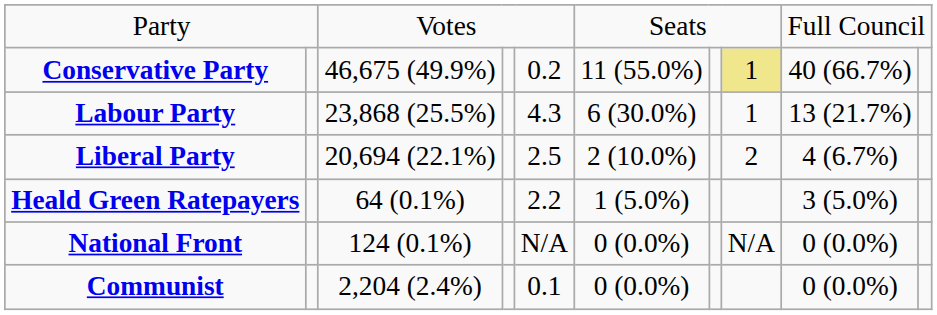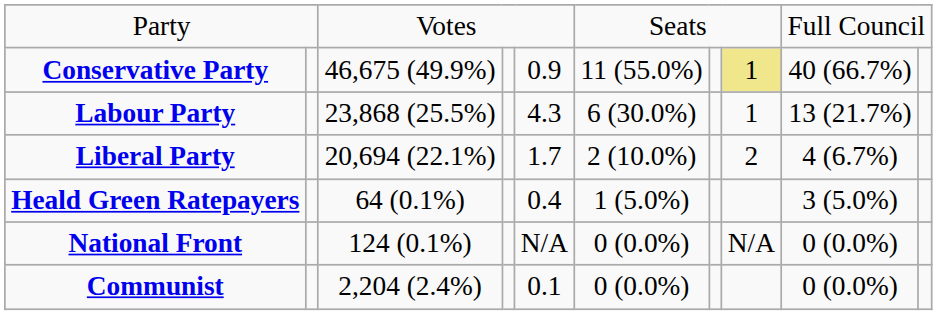 <table class=wikitable style="text-align:center;">
 <tr>
 <td colspan=2>Party</td>
 <td colspan=3>Votes</td>
 <td colspan=3>Seats</td>
 <td colspan=3>Full Council</td>
 </tr>
 <tr>
 <td><strong><a href='#'>Conservative Party</a></strong></td>
 <td style="background:"></td>
 <td>46,675 (49.9%)</td>
 <td></td>
-<td> 0.2</td>
+<td> 0.9</td>
 <td>11 (55.0%)</td>
 <td></td>
 <td style="background: khaki;"> 1</td>
 <td>40 (66.7%)</td>
 <td></td>
 </tr>
 <tr>
 <td><strong><a href='#'>Labour Party</a></strong></td>
 <td style="background:"></td>
 <td>23,868 (25.5%)</td>
 <td></td>
 <td> 4.3</td>
 <td>6 (30.0%)</td>
 <td></td>
 <td> 1</td>
 <td>13 (21.7%)</td>
 <td></td>
 </tr>
 <tr>
 <td><strong><a href='#'>Liberal Party</a></strong></td>
 <td style="background:"></td>
 <td>20,694 (22.1%)</td>
 <td></td>
-<td> 2.5</td>
+<td> 1.7</td>
 <td>2  (10.0%)</td>
 <td></td>
 <td> 2</td>
 <td>4 (6.7%)</td>
 <td></td>
 </tr>
 <tr>
 <td><strong><a href='#'>Heald Green Ratepayers</a></strong></td>
 <td style="background:"></td>
 <td>64 (0.1%)</td>
 <td></td>
-<td> 2.2</td>
+<td> 0.4</td>
 <td>1  (5.0%)</td>
 <td></td>
 <td></td>
 <td>3 (5.0%)</td>
 <td></td>
 </tr>
 <tr>
 <td><strong><a href='#'>National Front</a></strong></td>
 <td style="background:"></td>
 <td>124 (0.1%)</td>
 <td></td>
 <td>N/A</td>
 <td>0  (0.0%)</td>
 <td></td>
 <td>N/A</td>
 <td>0 (0.0%)</td>
 <td></td>
 </tr>
 <tr>
 <td><strong><a href='#'>Communist</a></strong></td>
 <td style="background:"></td>
 <td>2,204 (2.4%)</td>
 <td></td>
 <td> 0.1</td>
 <td>0  (0.0%)</td>
 <td></td>
 <td></td>
 <td>0 (0.0%)</td>
 <td></td>
 </tr>
 </table>
